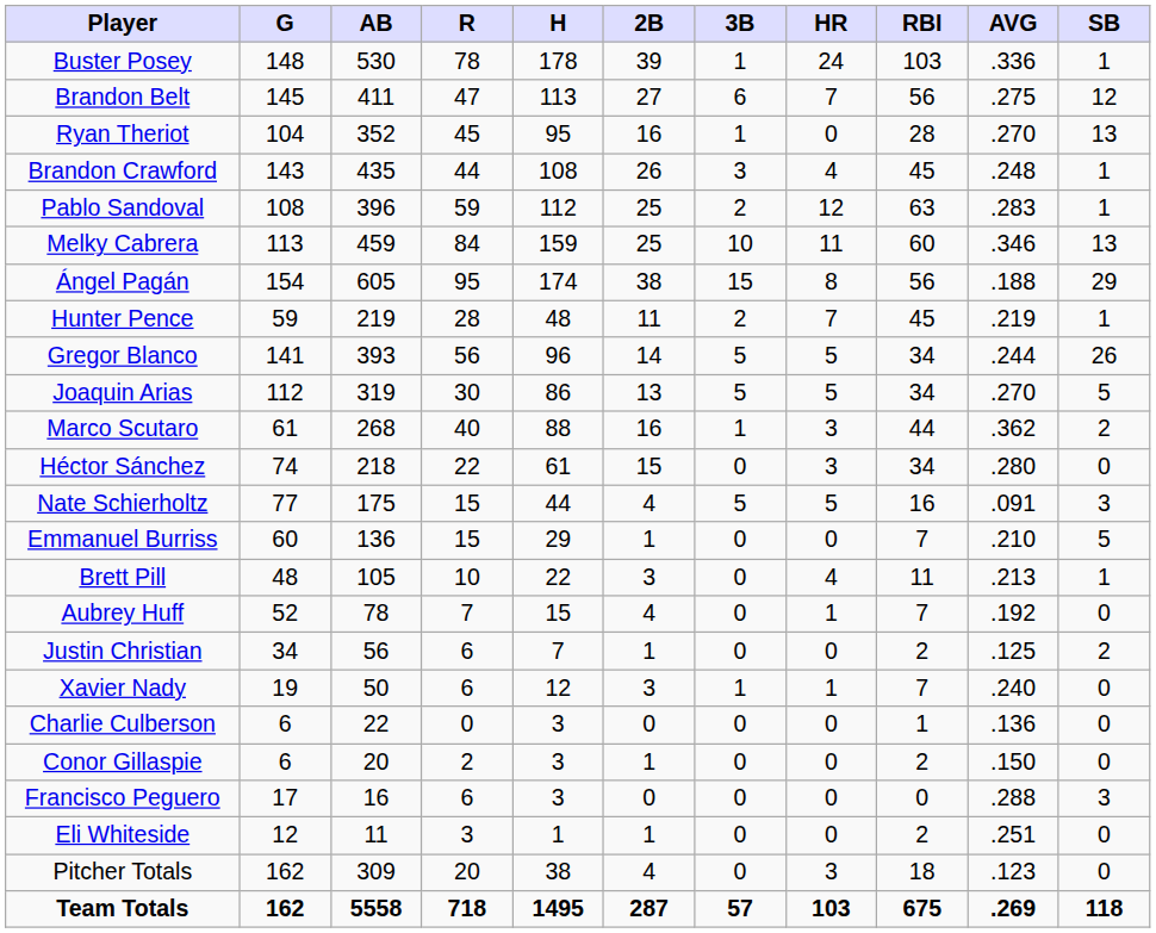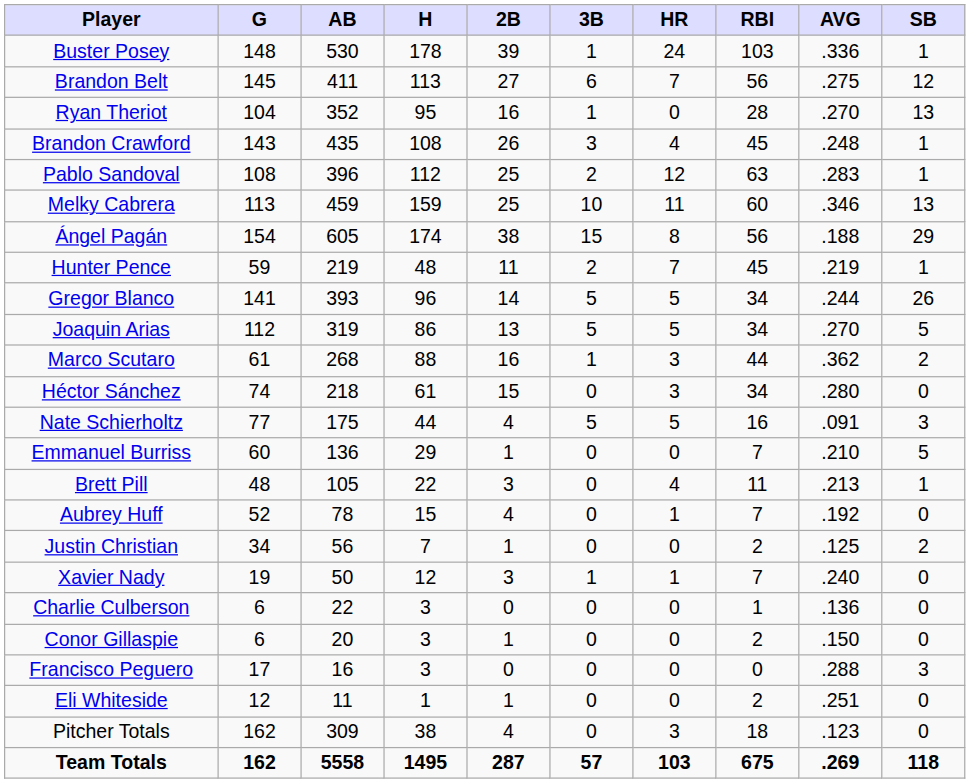 <table class="wikitable sortable" style="text-align:center; border:1px;; cellpadding:2; cellspacing:0;">
 <tr>
 <th style="background:#ddf; width:18%;">Player</th>
 <th style="background:#ddf; width:7%;">G</th>
 <th style="background:#ddf; width:7%;">AB</th>
-<th style="background:#ddf; width:7%;">R</th>
 <th style="background:#ddf; width:7%;">H</th>
 <th style="background:#ddf; width:7%;">2B</th>
 <th style="background:#ddf; width:7%;">3B</th>
 <th style="background:#ddf; width:7%;">HR</th>
 <th style="background:#ddf; width:7%;">RBI</th>
 <th style="background:#ddf; width:7%;">AVG</th>
 <th style="background:#ddf; width:7%;">SB</th>
 </tr>
 <tr align="center">
 <td><a href='#'>Buster Posey</a></td>
 <td>148</td>
 <td>530</td>
-<td>78</td>
 <td>178</td>
 <td>39</td>
 <td>1</td>
 <td>24</td>
 <td>103</td>
 <td>.336</td>
 <td>1</td>
 </tr>
 <tr align="center">
 <td><a href='#'>Brandon Belt</a></td>
 <td>145</td>
 <td>411</td>
-<td>47</td>
 <td>113</td>
 <td>27</td>
 <td>6</td>
 <td>7</td>
 <td>56</td>
 <td>.275</td>
 <td>12</td>
 </tr>
 <tr style="text-align: center;">
 <td><a href='#'>Ryan Theriot</a></td>
 <td>104</td>
 <td>352</td>
-<td>45</td>
 <td>95</td>
 <td>16</td>
 <td>1</td>
 <td>0</td>
 <td>28</td>
 <td>.270</td>
 <td>13</td>
 </tr>
 <tr style="text-align: center;">
 <td><a href='#'>Brandon Crawford</a></td>
 <td>143</td>
 <td>435</td>
-<td>44</td>
 <td>108</td>
 <td>26</td>
 <td>3</td>
 <td>4</td>
 <td>45</td>
 <td>.248</td>
 <td>1</td>
 </tr>
 <tr style="text-align: center;">
 <td><a href='#'>Pablo Sandoval</a></td>
 <td>108</td>
 <td>396</td>
-<td>59</td>
 <td>112</td>
 <td>25</td>
 <td>2</td>
 <td>12</td>
 <td>63</td>
 <td>.283</td>
 <td>1</td>
 </tr>
 <tr style="text-align: center;">
 <td><a href='#'>Melky Cabrera</a></td>
 <td>113</td>
 <td>459</td>
-<td>84</td>
 <td>159</td>
 <td>25</td>
 <td>10</td>
 <td>11</td>
 <td>60</td>
 <td>.346</td>
 <td>13</td>
 </tr>
 <tr style="text-align: center;">
 <td><a href='#'>Ángel Pagán</a></td>
 <td>154</td>
 <td>605</td>
-<td>95</td>
 <td>174</td>
 <td>38</td>
 <td>15</td>
 <td>8</td>
 <td>56</td>
 <td>.188</td>
 <td>29</td>
 </tr>
 <tr style="text-align: center;">
 <td><a href='#'>Hunter Pence</a></td>
 <td>59</td>
 <td>219</td>
-<td>28</td>
 <td>48</td>
 <td>11</td>
 <td>2</td>
 <td>7</td>
 <td>45</td>
 <td>.219</td>
 <td>1</td>
 </tr>
 <tr style="text-align: center;">
 <td><a href='#'>Gregor Blanco</a></td>
 <td>141</td>
 <td>393</td>
-<td>56</td>
 <td>96</td>
 <td>14</td>
 <td>5</td>
 <td>5</td>
 <td>34</td>
 <td>.244</td>
 <td>26</td>
 </tr>
 <tr style="text-align: center;">
 <td><a href='#'>Joaquin Arias</a></td>
 <td>112</td>
 <td>319</td>
-<td>30</td>
 <td>86</td>
 <td>13</td>
 <td>5</td>
 <td>5</td>
 <td>34</td>
 <td>.270</td>
 <td>5</td>
 </tr>
 <tr align="center">
 <td><a href='#'>Marco Scutaro</a></td>
 <td>61</td>
 <td>268</td>
-<td>40</td>
 <td>88</td>
 <td>16</td>
 <td>1</td>
 <td>3</td>
 <td>44</td>
 <td>.362</td>
 <td>2</td>
 </tr>
 <tr align=center>
 <td><a href='#'>Héctor Sánchez</a></td>
 <td>74</td>
 <td>218</td>
-<td>22</td>
 <td>61</td>
 <td>15</td>
 <td>0</td>
 <td>3</td>
 <td>34</td>
 <td>.280</td>
 <td>0</td>
 </tr>
 <tr align=center>
 <td><a href='#'>Nate Schierholtz</a></td>
 <td>77</td>
 <td>175</td>
-<td>15</td>
 <td>44</td>
 <td>4</td>
 <td>5</td>
 <td>5</td>
 <td>16</td>
 <td>.091</td>
 <td>3</td>
 </tr>
 <tr align=center>
 <td><a href='#'>Emmanuel Burriss</a></td>
 <td>60</td>
 <td>136</td>
-<td>15</td>
 <td>29</td>
 <td>1</td>
 <td>0</td>
 <td>0</td>
 <td>7</td>
 <td>.210</td>
 <td>5</td>
 </tr>
 <tr align=center>
 <td><a href='#'>Brett Pill</a></td>
 <td>48</td>
 <td>105</td>
-<td>10</td>
 <td>22</td>
 <td>3</td>
 <td>0</td>
 <td>4</td>
 <td>11</td>
 <td>.213</td>
 <td>1</td>
 </tr>
 <tr align=center>
 <td><a href='#'>Aubrey Huff</a></td>
 <td>52</td>
 <td>78</td>
-<td>7</td>
 <td>15</td>
 <td>4</td>
 <td>0</td>
 <td>1</td>
 <td>7</td>
 <td>.192</td>
 <td>0</td>
 </tr>
 <tr align=center>
 <td><a href='#'>Justin Christian</a></td>
 <td>34</td>
 <td>56</td>
-<td>6</td>
 <td>7</td>
 <td>1</td>
 <td>0</td>
 <td>0</td>
 <td>2</td>
 <td>.125</td>
 <td>2</td>
 </tr>
 <tr align=center>
 <td><a href='#'>Xavier Nady</a></td>
 <td>19</td>
 <td>50</td>
-<td>6</td>
 <td>12</td>
 <td>3</td>
 <td>1</td>
 <td>1</td>
 <td>7</td>
 <td>.240</td>
 <td>0</td>
 </tr>
 <tr align=center>
 <td><a href='#'>Charlie Culberson</a></td>
 <td>6</td>
 <td>22</td>
-<td>0</td>
 <td>3</td>
 <td>0</td>
 <td>0</td>
 <td>0</td>
 <td>1</td>
 <td>.136</td>
 <td>0</td>
 </tr>
 <tr align=center>
 <td><a href='#'>Conor Gillaspie</a></td>
 <td>6</td>
 <td>20</td>
-<td>2</td>
 <td>3</td>
 <td>1</td>
 <td>0</td>
 <td>0</td>
 <td>2</td>
 <td>.150</td>
 <td>0</td>
 </tr>
 <tr align=center>
 <td><a href='#'>Francisco Peguero</a></td>
 <td>17</td>
 <td>16</td>
-<td>6</td>
 <td>3</td>
 <td>0</td>
 <td>0</td>
 <td>0</td>
 <td>0</td>
 <td>.288</td>
 <td>3</td>
 </tr>
 <tr align=center>
 <td><a href='#'>Eli Whiteside</a></td>
 <td>12</td>
 <td>11</td>
-<td>3</td>
 <td>1</td>
 <td>1</td>
 <td>0</td>
 <td>0</td>
 <td>2</td>
 <td>.251</td>
 <td>0</td>
 </tr>
 <tr align=center>
 <td>Pitcher Totals</td>
 <td>162</td>
 <td>309</td>
-<td>20</td>
 <td>38</td>
 <td>4</td>
 <td>0</td>
 <td>3</td>
 <td>18</td>
 <td>.123</td>
 <td>0</td>
 </tr>
 <tr align=center>
 <td><strong>Team Totals</strong></td>
 <td><strong>162</strong></td>
 <td><strong>5558</strong></td>
-<td><strong>718</strong></td>
 <td><strong>1495</strong></td>
 <td><strong>287</strong></td>
 <td><strong>57</strong></td>
 <td><strong>103</strong></td>
 <td><strong>675</strong></td>
 <td><strong>.269</strong></td>
 <td><strong>118</strong></td>
 </tr>
 </table>
